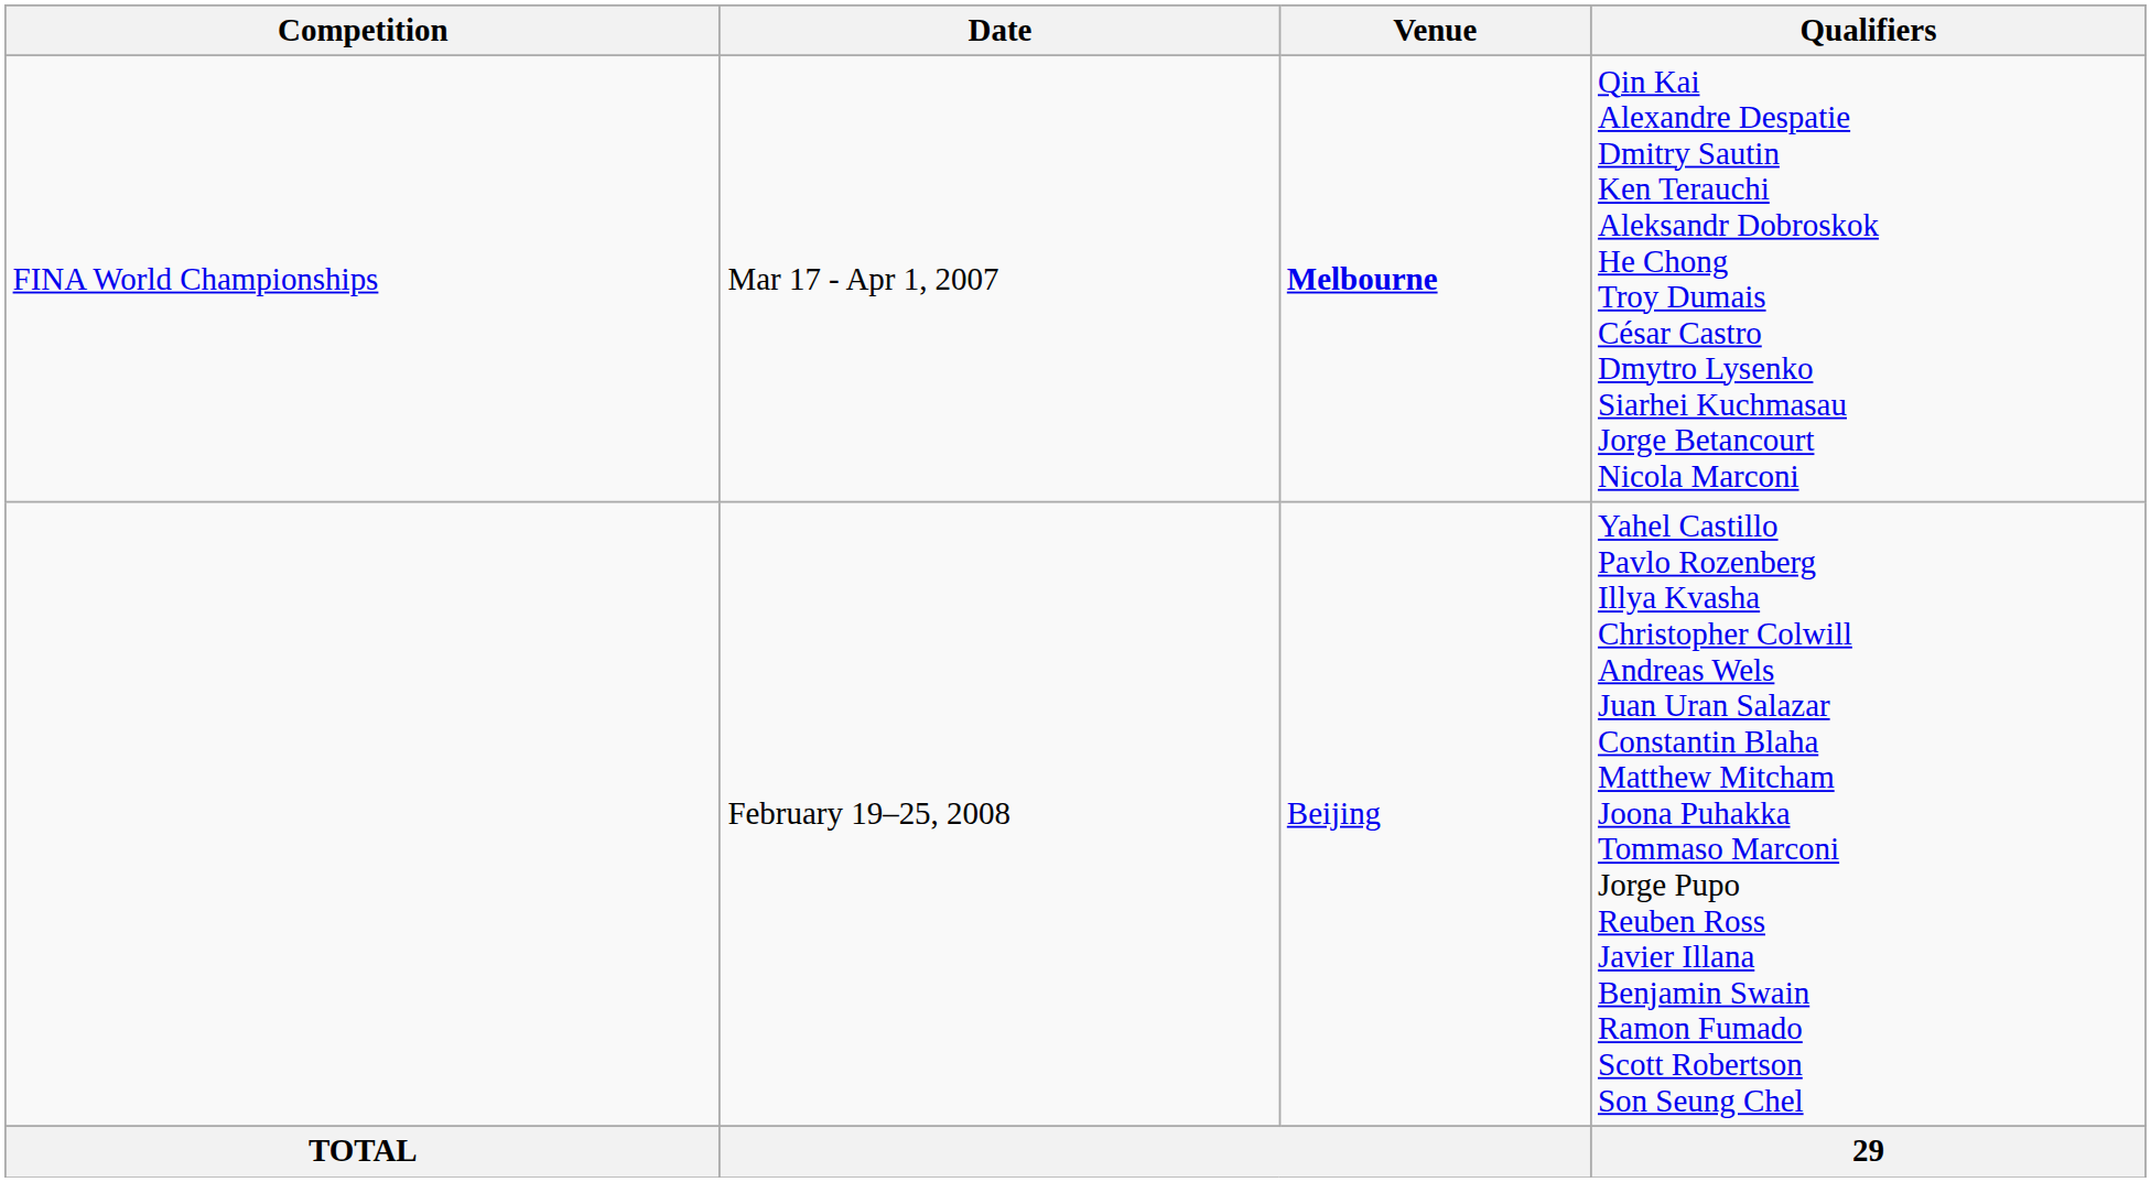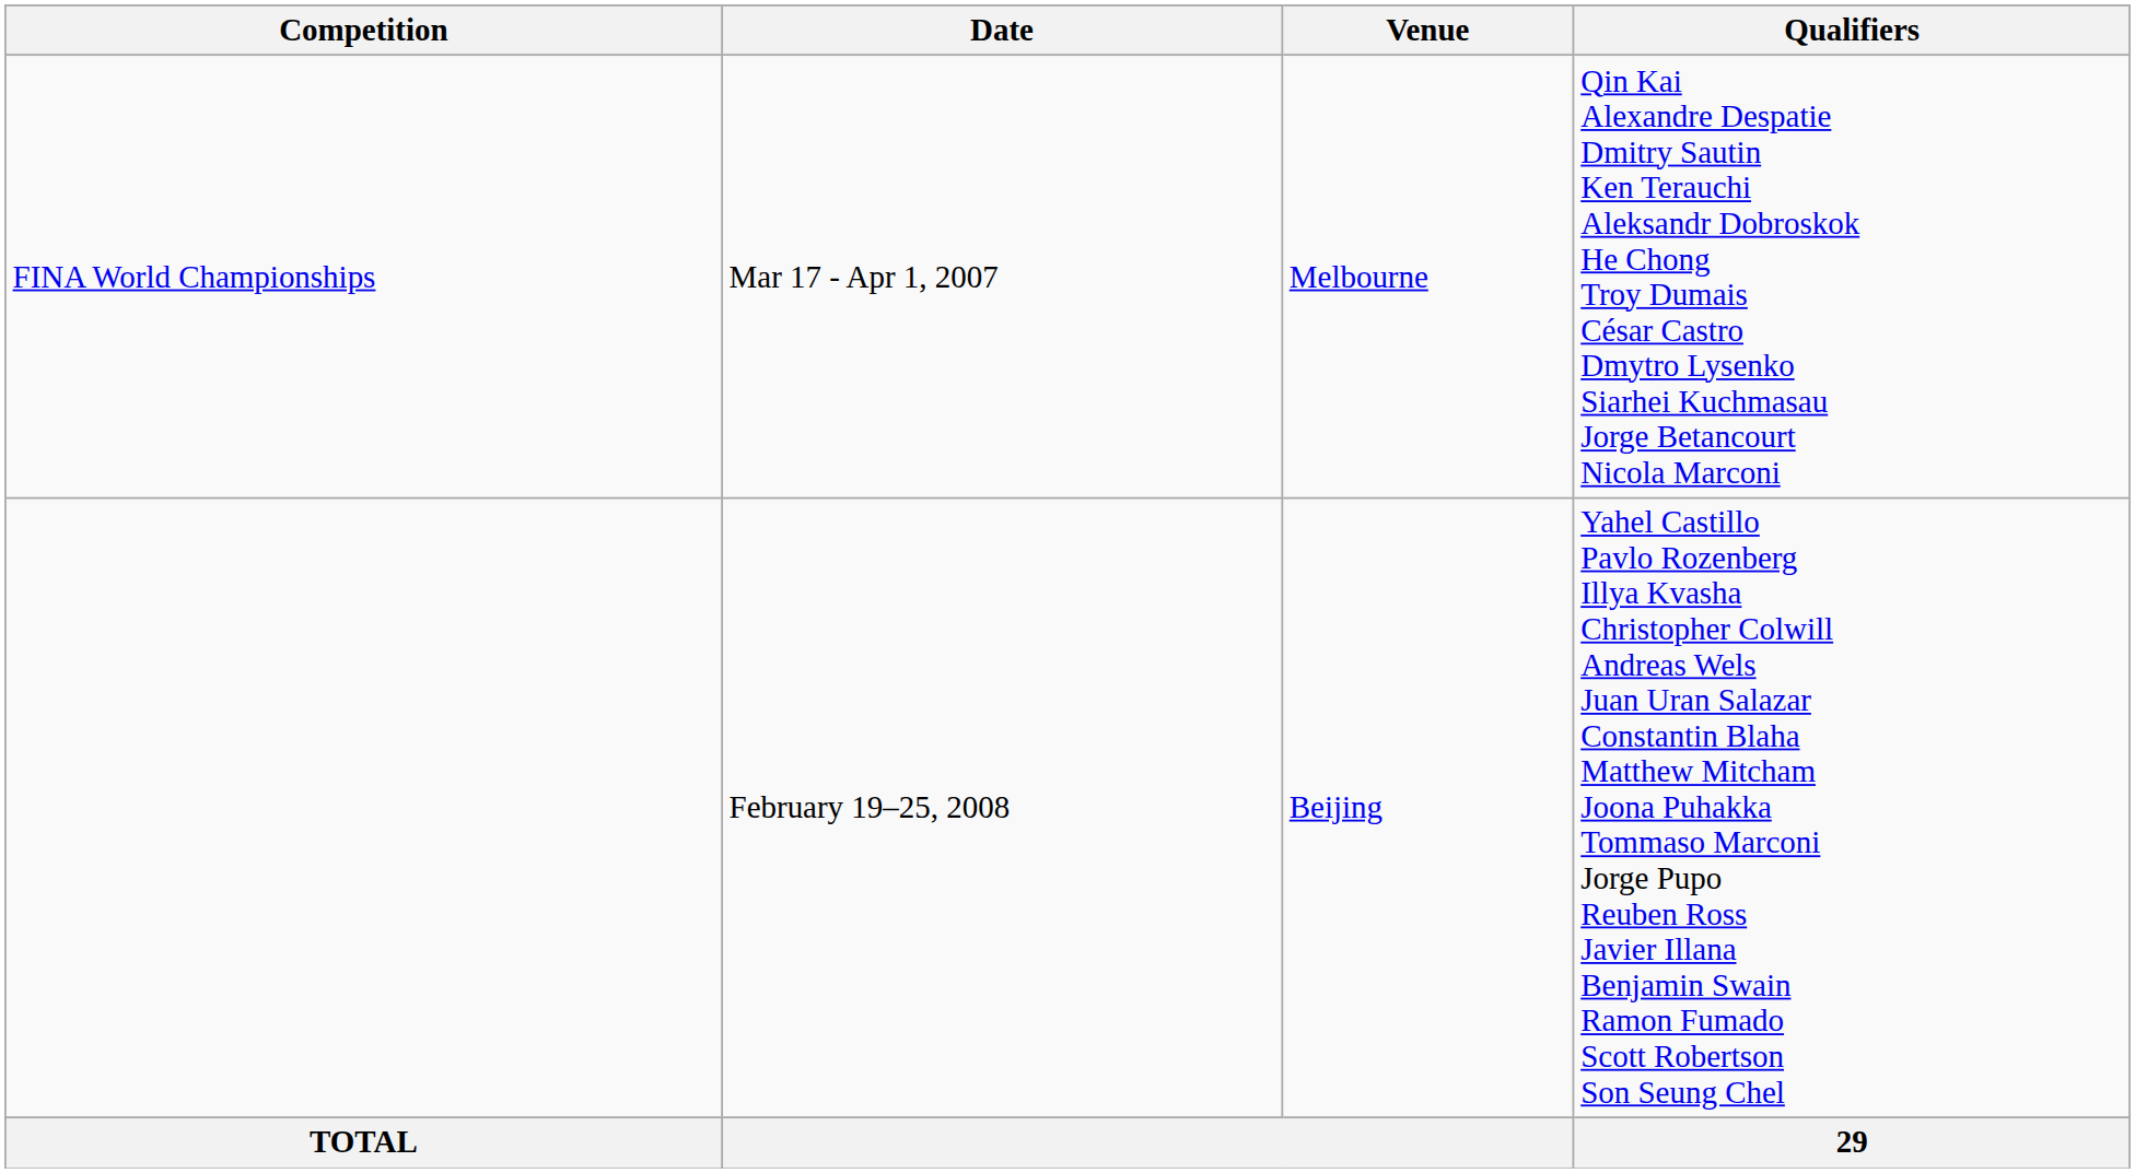 <table class="wikitable" width=85%>
 <tr>
 <th>Competition</th>
 <th>Date</th>
 <th>Venue</th>
 <th>Qualifiers</th>
 </tr>
 <tr>
 <td><a href='#'>FINA World Championships</a></td>
 <td>Mar 17 - Apr 1, 2007</td>
-<td><strong> <a href='#'>Melbourne</a></strong></td>
+<td> <a href='#'>Melbourne</a></td>
 <td> <a href='#'>Qin Kai</a><br> <a href='#'>Alexandre Despatie</a><br> <a href='#'>Dmitry Sautin</a><br> <a href='#'>Ken Terauchi</a> <br> <a href='#'>Aleksandr Dobroskok</a><br> <a href='#'>He Chong</a><br> <a href='#'>Troy Dumais</a><br> <a href='#'>César Castro</a><br> <a href='#'>Dmytro Lysenko</a><br> <a href='#'>Siarhei Kuchmasau</a><br> <a href='#'>Jorge Betancourt</a><br> <a href='#'>Nicola Marconi</a></td>
 </tr>
 <tr>
 <td></td>
 <td>February 19–25, 2008</td>
 <td> <a href='#'>Beijing</a></td>
 <td> <a href='#'>Yahel Castillo</a><br> <a href='#'>Pavlo Rozenberg</a><br> <a href='#'>Illya Kvasha</a><br> <a href='#'>Christopher Colwill</a><br> <a href='#'>Andreas Wels</a><br> <a href='#'>Juan Uran Salazar</a><br> <a href='#'>Constantin Blaha</a> <br> <a href='#'>Matthew Mitcham</a><br> <a href='#'>Joona Puhakka</a><br> <a href='#'>Tommaso Marconi</a><br> Jorge Pupo<br> <a href='#'>Reuben Ross</a><br> <a href='#'>Javier Illana</a><br> <a href='#'>Benjamin Swain</a><br> <a href='#'>Ramon Fumado</a> <br> <a href='#'>Scott Robertson</a><br> <a href='#'>Son Seung Chel</a></td>
 </tr>
 <tr>
 <th>TOTAL</th>
 <th colspan="2"></th>
 <th>29</th>
 </tr>
 </table>
